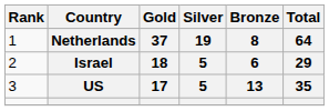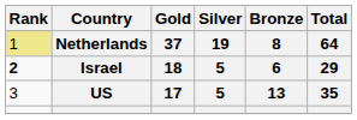 <table class="wikitable sortable" style="font-size:90%">
 <tr>
 <th>Rank</th>
 <th>Country</th>
 <th>Gold</th>
 <th>Silver</th>
 <th>Bronze</th>
 <th>Total</th>
 </tr>
 <tr>
-<td>1</td>
+<td style="background: khaki;">1</td>
 <th>Netherlands</th>
 <th>37</th>
 <th>19</th>
 <th>8</th>
 <th>64</th>
 </tr>
 <tr>
-<td>2</td>
+<td><strong>2</strong></td>
 <th>Israel</th>
 <th>18</th>
 <th>5</th>
 <th>6</th>
 <th>29</th>
 </tr>
 <tr>
 <td>3</td>
 <th>US</th>
 <th>17</th>
 <th>5</th>
 <th>13</th>
 <th>35</th>
 </tr>
 <tr>
 <td></td>
 <th></th>
 <th></th>
 <th></th>
 <th></th>
 <th></th>
 </tr>
 <tr>
 </tr>
 </table>
